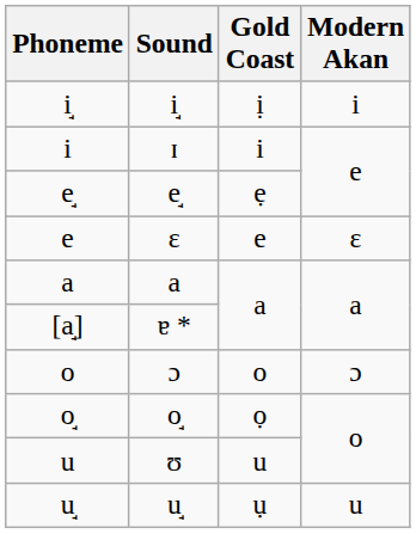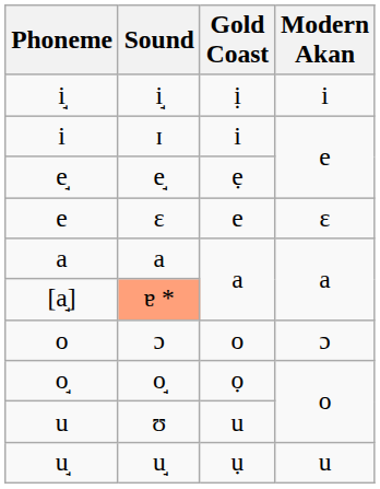 <table class="wikitable">
 <tr>
 <th>Phoneme</th>
 <th>Sound</th>
 <th>Gold<br>Coast</th>
 <th>Modern<br>Akan</th>
 </tr>
 <tr align=center>
 <td>i̘</td>
 <td>i̘</td>
 <td>ị</td>
 <td>i</td>
 </tr>
 <tr align=center>
 <td>i</td>
 <td>ɪ</td>
 <td>i</td>
 <td rowspan=2>e</td>
 </tr>
 <tr align=center>
 <td>e̘</td>
 <td>e̘</td>
 <td>ẹ</td>
 </tr>
 <tr align=center>
 <td>e</td>
 <td>ɛ</td>
 <td>e</td>
 <td>ɛ</td>
 </tr>
 <tr align=center>
 <td>a</td>
 <td>a</td>
 <td rowspan=2>a</td>
 <td rowspan=2>a</td>
 </tr>
 <tr align=center>
 <td>[a̘]</td>
-<td>ɐ *</td>
+<td style="background: lightsalmon;">ɐ *</td>
 </tr>
 <tr align=center>
 <td>o</td>
 <td>ɔ</td>
 <td>o</td>
 <td>ɔ</td>
 </tr>
 <tr align=center>
 <td>o̘</td>
 <td>o̘</td>
 <td>ọ</td>
 <td rowspan=2>o</td>
 </tr>
 <tr align=center>
 <td>u</td>
 <td>ʊ</td>
 <td>u</td>
 </tr>
 <tr align=center>
 <td>u̘</td>
 <td>u̘</td>
 <td>ụ</td>
 <td>u</td>
 </tr>
 </table>
